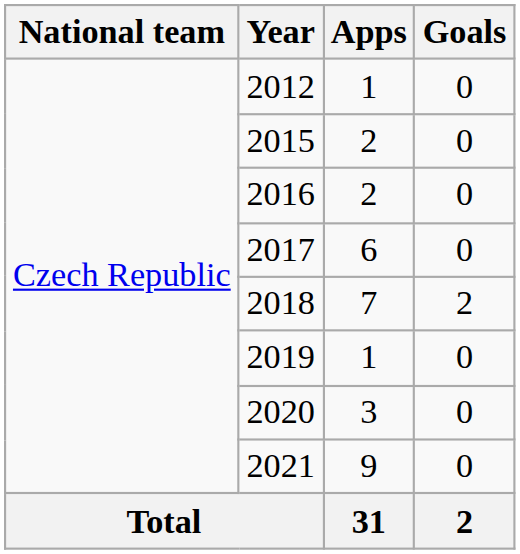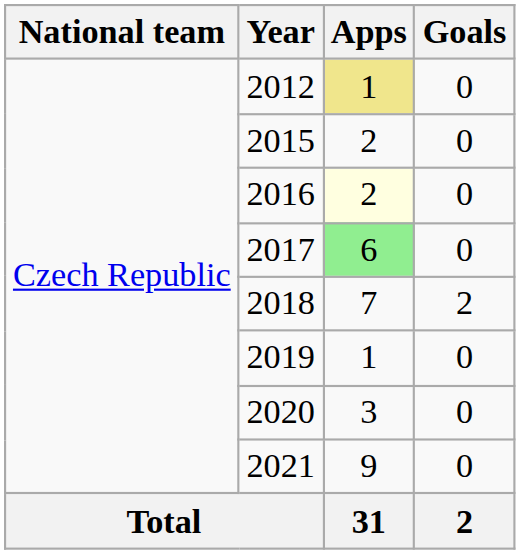 <table class="wikitable" style="text-align: center">
 <tr>
 <th>National team</th>
 <th>Year</th>
 <th>Apps</th>
 <th>Goals</th>
 </tr>
 <tr>
 <td rowspan=8><a href='#'>Czech Republic</a></td>
 <td>2012</td>
-<td>1</td>
+<td style="background: khaki;">1</td>
 <td>0</td>
 </tr>
 <tr>
 <td>2015</td>
 <td>2</td>
 <td>0</td>
 </tr>
 <tr>
 <td>2016</td>
-<td>2</td>
+<td style="background: lightyellow;">2</td>
 <td>0</td>
 </tr>
 <tr>
 <td>2017</td>
-<td>6</td>
+<td style="background: lightgreen;">6</td>
 <td>0</td>
 </tr>
 <tr>
 <td>2018</td>
 <td>7</td>
 <td>2</td>
 </tr>
 <tr>
 <td>2019</td>
 <td>1</td>
 <td>0</td>
 </tr>
 <tr>
 <td>2020</td>
 <td>3</td>
 <td>0</td>
 </tr>
 <tr>
 <td>2021</td>
 <td>9</td>
 <td>0</td>
 </tr>
 <tr>
 <th colspan=2>Total</th>
 <th>31</th>
 <th>2</th>
 </tr>
 </table>
